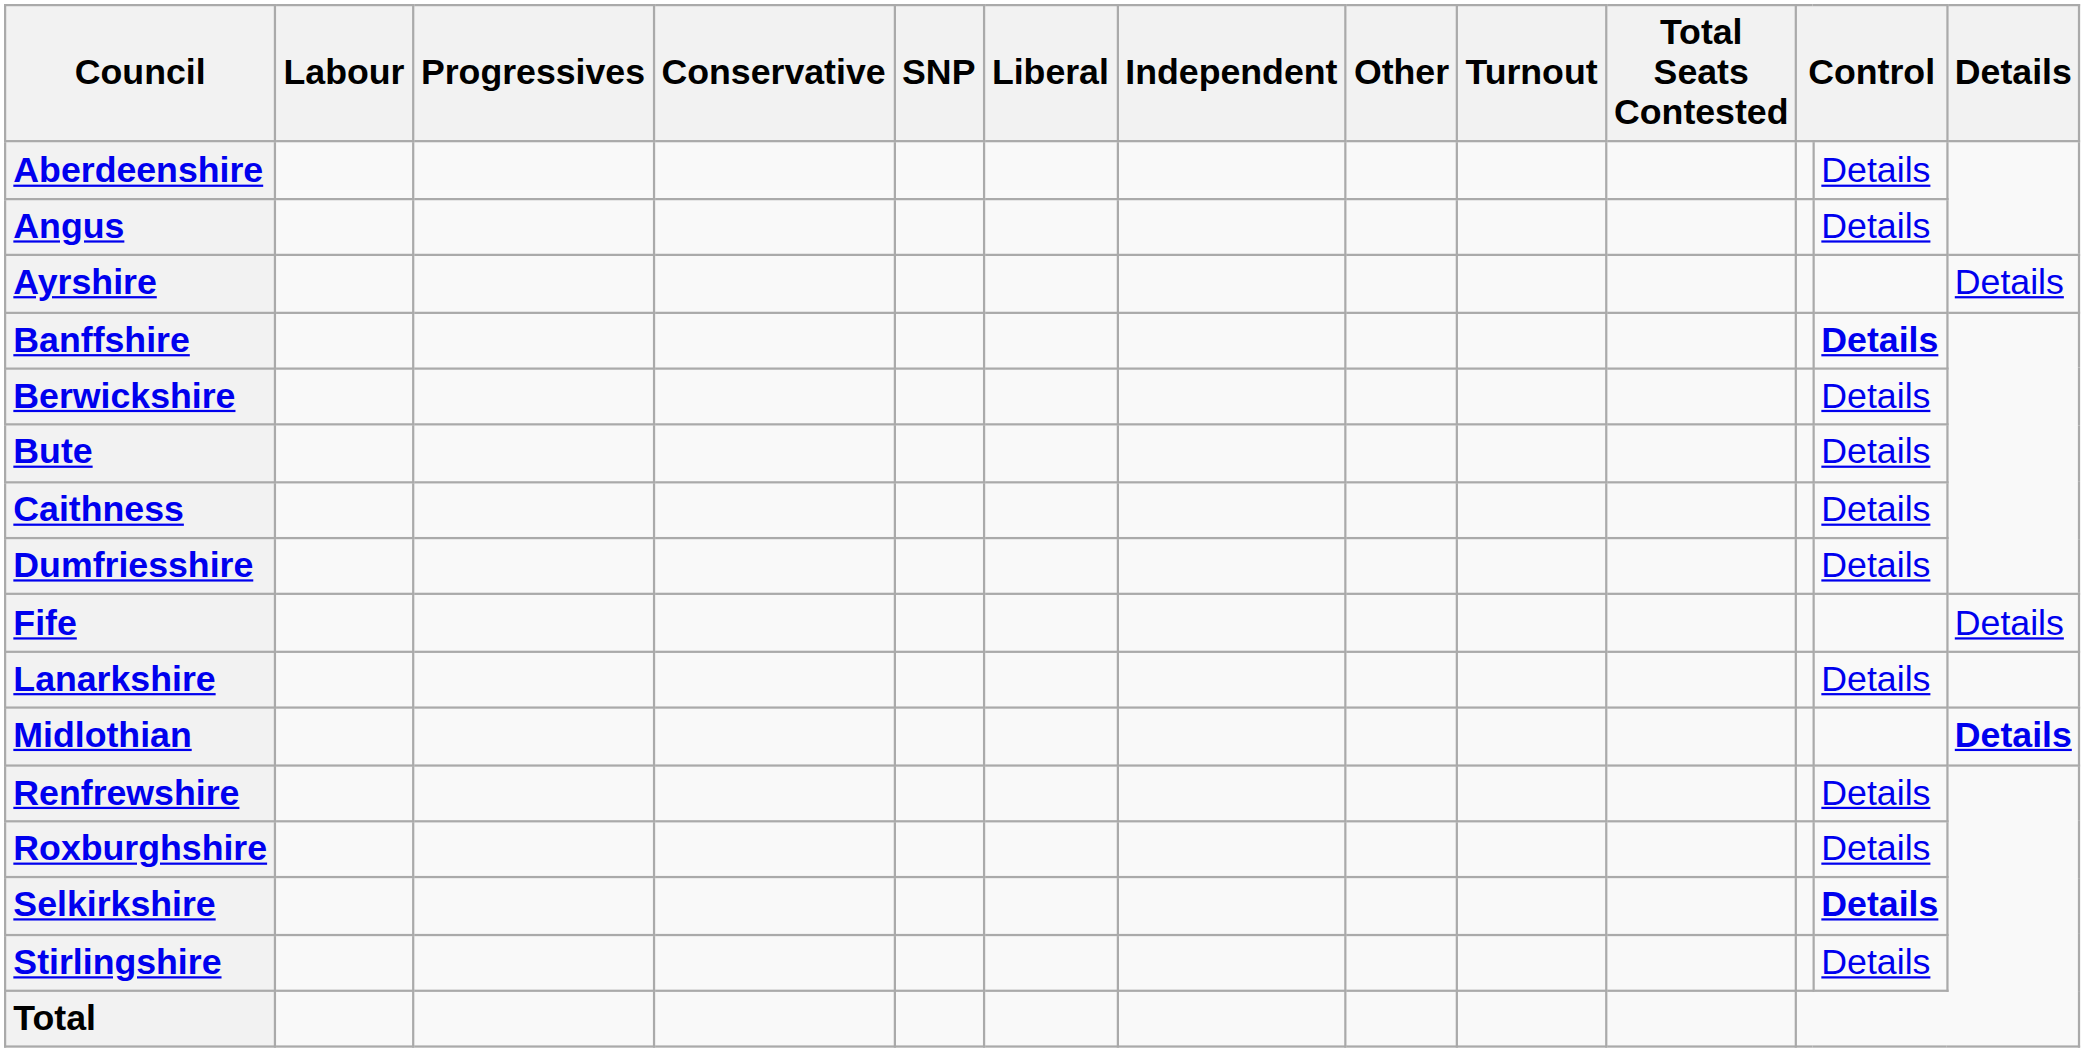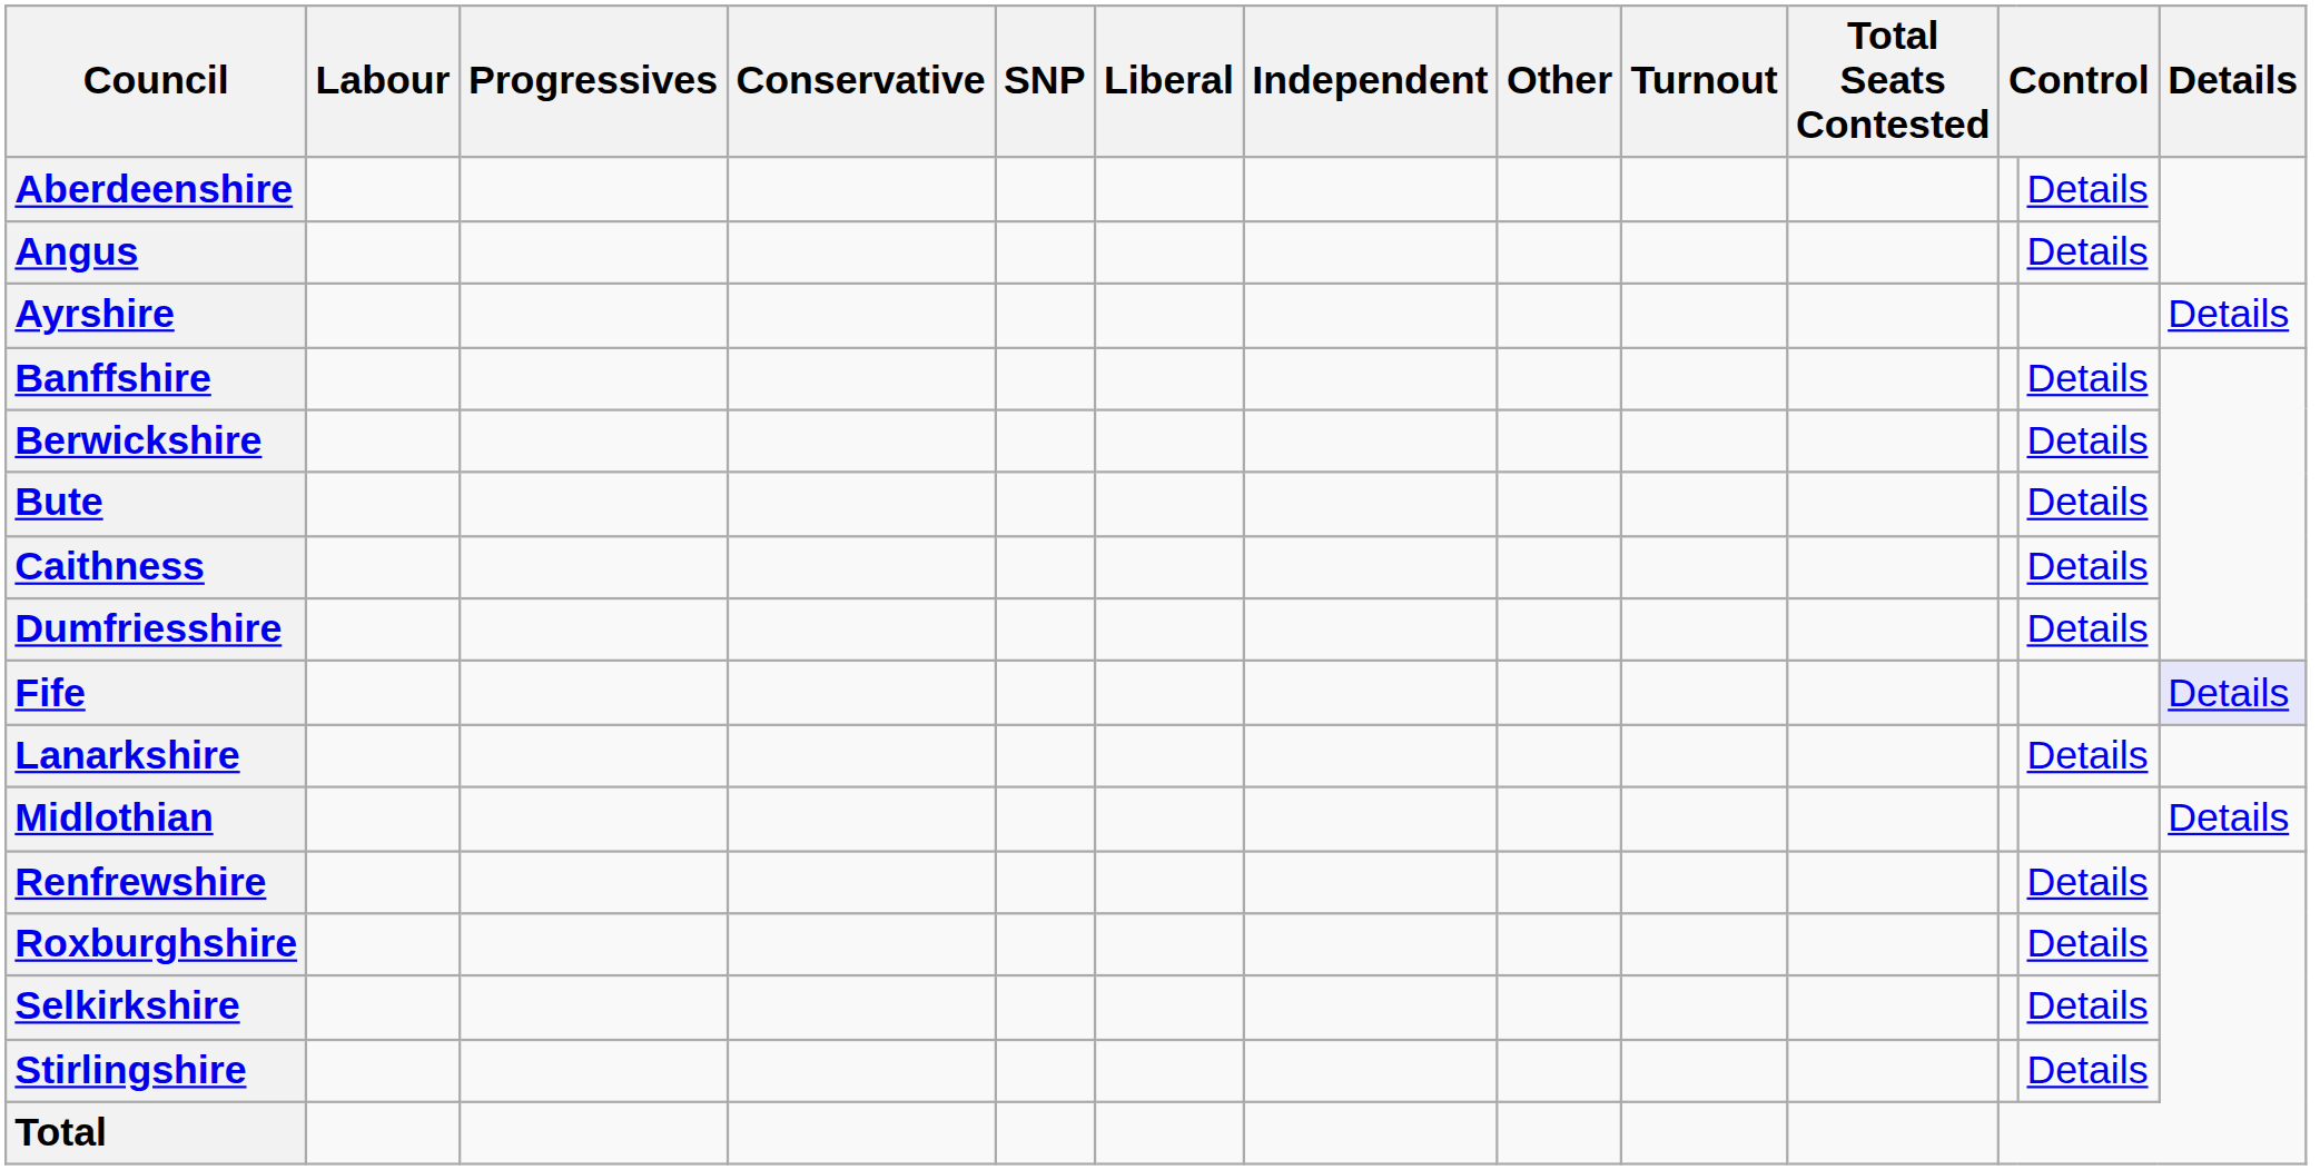 <table class="wikitable">
 <tr>
 <th scope="col">Council</th>
 <th scope="col">Labour</th>
 <th scope="col">Progressives</th>
 <th scope="col">Conservative</th>
 <th scope="col">SNP</th>
 <th scope="col">Liberal</th>
 <th scope="col">Independent</th>
 <th scope="col">Other</th>
 <th scope="col">Turnout</th>
 <th scope="col">Total Seats Contested</th>
 <th scope="col" colspan=2>Control<br></th>
 <th scope="col">Details</th>
 </tr>
 <tr>
 <th scope="row" style="text-align: left;"><a href='#'>Aberdeenshire</a></th>
 <td></td>
 <td></td>
 <td></td>
 <td></td>
 <td></td>
 <td></td>
 <td></td>
 <td></td>
 <td></td>
 <td></td>
 <td><a href='#'>Details</a></td>
 </tr>
 <tr>
 <th scope="row" style="text-align: left;"><a href='#'>Angus</a></th>
 <td></td>
 <td></td>
 <td></td>
 <td></td>
 <td></td>
 <td></td>
 <td></td>
 <td></td>
 <td></td>
 <td></td>
 <td><a href='#'>Details</a></td>
 </tr>
 <tr>
 <th scope="row" style="text-align: left;"><a href='#'>Ayrshire</a></th>
 <td></td>
 <td></td>
 <td></td>
 <td></td>
 <td></td>
 <td></td>
 <td></td>
 <td></td>
 <td></td>
 <td></td>
 <td></td>
 <td><a href='#'>Details</a></td>
 </tr>
 <tr>
 <th scope="row" style="text-align: left;"><a href='#'>Banffshire</a></th>
 <td></td>
 <td></td>
 <td></td>
 <td></td>
 <td></td>
 <td></td>
 <td></td>
 <td></td>
 <td></td>
 <td></td>
-<td><strong><a href='#'>Details</a></strong></td>
+<td><a href='#'>Details</a></td>
 </tr>
 <tr>
 <th scope="row" style="text-align: left;"><a href='#'>Berwickshire</a></th>
 <td></td>
 <td></td>
 <td></td>
 <td></td>
 <td></td>
 <td></td>
 <td></td>
 <td></td>
 <td></td>
 <td></td>
 <td><a href='#'>Details</a></td>
 </tr>
 <tr>
 <th scope="row" style="text-align: left;"><a href='#'>Bute</a></th>
 <td></td>
 <td></td>
 <td></td>
 <td></td>
 <td></td>
 <td></td>
 <td></td>
 <td></td>
 <td></td>
 <td></td>
 <td><a href='#'>Details</a></td>
 </tr>
 <tr>
 <th scope="row" style="text-align: left;"><a href='#'>Caithness</a></th>
 <td></td>
 <td></td>
 <td></td>
 <td></td>
 <td></td>
 <td></td>
 <td></td>
 <td></td>
 <td></td>
 <td></td>
 <td><a href='#'>Details</a></td>
 </tr>
 <tr>
 <th scope="row" style="text-align: left;"><a href='#'>Dumfriesshire</a></th>
 <td></td>
 <td></td>
 <td></td>
 <td></td>
 <td></td>
 <td></td>
 <td></td>
 <td></td>
 <td></td>
 <td></td>
 <td><a href='#'>Details</a></td>
 </tr>
 <tr>
 <th scope="row" style="text-align: left;"><a href='#'>Fife</a></th>
 <td></td>
 <td></td>
 <td></td>
 <td></td>
 <td></td>
 <td></td>
 <td></td>
 <td></td>
 <td></td>
 <td></td>
 <td></td>
-<td><a href='#'>Details</a></td>
+<td style="background: lavender;"><a href='#'>Details</a></td>
 </tr>
 <tr>
 <th scope="row" style="text-align: left;"><a href='#'>Lanarkshire</a></th>
 <td></td>
 <td></td>
 <td></td>
 <td></td>
 <td></td>
 <td></td>
 <td></td>
 <td></td>
 <td></td>
 <td></td>
 <td><a href='#'>Details</a></td>
 </tr>
 <tr>
 <th scope="row" style="text-align: left;"><a href='#'>Midlothian</a></th>
 <td></td>
 <td></td>
 <td></td>
 <td></td>
 <td></td>
 <td></td>
 <td></td>
 <td></td>
 <td></td>
 <td></td>
 <td></td>
-<td><strong><a href='#'>Details</a></strong></td>
+<td><a href='#'>Details</a></td>
 </tr>
 <tr>
 <th scope="row" style="text-align: left;"><a href='#'>Renfrewshire</a></th>
 <td></td>
 <td></td>
 <td></td>
 <td></td>
 <td></td>
 <td></td>
 <td></td>
 <td></td>
 <td></td>
 <td></td>
 <td><a href='#'>Details</a></td>
 </tr>
 <tr>
 <th scope="row" style="text-align: left;"><a href='#'>Roxburghshire</a></th>
 <td></td>
 <td></td>
 <td></td>
 <td></td>
 <td></td>
 <td></td>
 <td></td>
 <td></td>
 <td></td>
 <td></td>
 <td><a href='#'>Details</a></td>
 </tr>
 <tr>
 <th scope="row" style="text-align: left;"><a href='#'>Selkirkshire</a></th>
 <td></td>
 <td></td>
 <td></td>
 <td></td>
 <td></td>
 <td></td>
 <td></td>
 <td></td>
 <td></td>
 <td></td>
-<td><strong><a href='#'>Details</a></strong></td>
+<td><a href='#'>Details</a></td>
 </tr>
 <tr>
 <th scope="row" style="text-align: left;"><a href='#'>Stirlingshire</a></th>
 <td></td>
 <td></td>
 <td></td>
 <td></td>
 <td></td>
 <td></td>
 <td></td>
 <td></td>
 <td></td>
 <td></td>
 <td><a href='#'>Details</a></td>
 </tr>
 <tr>
 <th scope="row" style="text-align: left;">Total</th>
 <td></td>
 <td></td>
 <td></td>
 <td></td>
 <td></td>
 <td></td>
 <td></td>
 <td></td>
 <td></td>
 </tr>
 </table>
